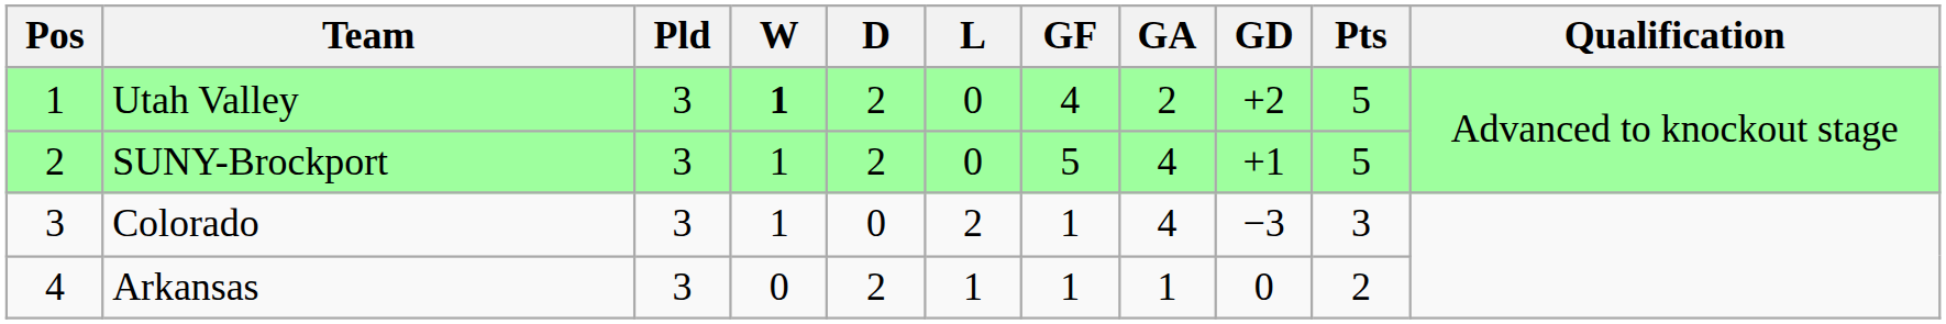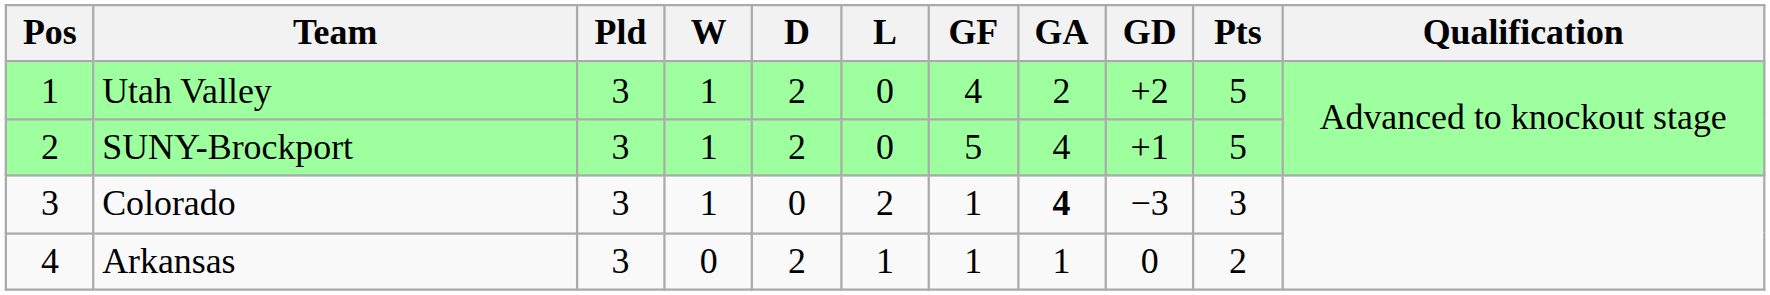 <table class="wikitable" style="text-align:center; margin: 1em auto">
 <tr>
 <th style="width:2em">Pos</th>
 <th style="width:13em">Team</th>
 <th style="width:2em">Pld</th>
 <th style="width:2em">W</th>
 <th style="width:2em">D</th>
 <th style="width:2em">L</th>
 <th style="width:2em">GF</th>
 <th style="width:2em">GA</th>
 <th style="width:2em">GD</th>
 <th style="width:2em">Pts</th>
 <th style="width:13em">Qualification</th>
 </tr>
 <tr bgcolor="#9eff9e">
 <td>1</td>
 <td style="text-align:left">Utah Valley</td>
 <td>3</td>
-<td><strong>1</strong></td>
+<td>1</td>
 <td>2</td>
 <td>0</td>
 <td>4</td>
 <td>2</td>
 <td>+2</td>
 <td>5</td>
 <td rowspan="2">Advanced to knockout stage</td>
 </tr>
 <tr bgcolor="#9eff9e">
 <td>2</td>
 <td style="text-align:left">SUNY-Brockport</td>
 <td>3</td>
 <td>1</td>
 <td>2</td>
 <td>0</td>
 <td>5</td>
 <td>4</td>
 <td>+1</td>
 <td>5</td>
 </tr>
 <tr>
 <td>3</td>
 <td style="text-align:left">Colorado</td>
 <td>3</td>
 <td>1</td>
 <td>0</td>
 <td>2</td>
 <td>1</td>
-<td>4</td>
+<td><strong>4</strong></td>
 <td>−3</td>
 <td>3</td>
 <td rowspan="2"></td>
 </tr>
 <tr>
 <td>4</td>
 <td style="text-align:left">Arkansas</td>
 <td>3</td>
 <td>0</td>
 <td>2</td>
 <td>1</td>
 <td>1</td>
 <td>1</td>
 <td>0</td>
 <td>2</td>
 </tr>
 </table>
